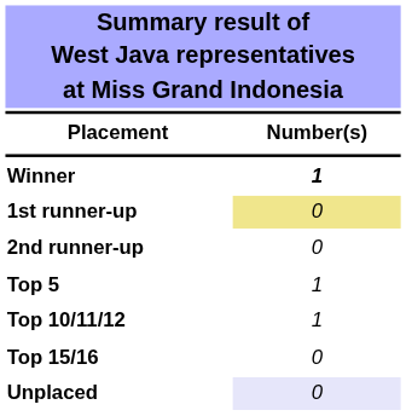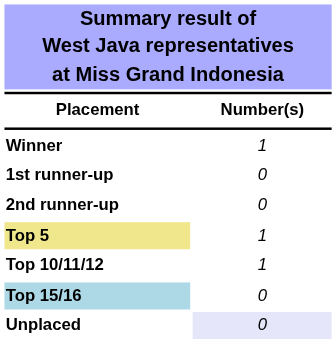 <table style="width: 270px; font-size:85%; line-height:1.5em;">
 <tr>
 <th colspan="2" align="center" style="background:#AAF;"><big>Summary result of<br>West Java representatives<br>at Miss Grand Indonesia</big></th>
 </tr>
 <tr>
 <td colspan="2" style="background:black"></td>
 </tr>
 <tr>
 <th scope="col">Placement</th>
 <th scope="col">Number(s)</th>
 </tr>
 <tr>
 <td colspan="2" style="background:black"></td>
 </tr>
 <tr>
 <td align="left"><strong>Winner</strong></td>
-<td align="center"><strong><em>1</em></strong></td>
+<td align="center"><em>1</em></td>
 </tr>
 <tr>
 <td align="left"><strong>1st runner-up</strong></td>
-<td align="center" style="background: khaki;"><em>0</em></td>
+<td align="center"><em>0</em></td>
 </tr>
 <tr>
 <td align="left"><strong>2nd runner-up</strong></td>
 <td align="center"><em>0</em></td>
 </tr>
 <tr>
-<td align="left"><strong>Top 5</strong></td>
+<td align="left" style="background: khaki;"><strong>Top 5</strong></td>
 <td align="center"><em>1</em></td>
 </tr>
 <tr>
 <td align="left"><strong>Top 10/11/12</strong></td>
 <td align="center"><em>1</em></td>
 </tr>
 <tr>
-<td align="left"><strong>Top 15/16</strong></td>
+<td align="left" style="background: lightblue;"><strong>Top 15/16</strong></td>
 <td align="center"><em>0</em></td>
 </tr>
 <tr>
 <td align="left"><strong>Unplaced</strong></td>
 <td align="center" style="background: lavender;"><em>0</em></td>
 </tr>
 </table>
